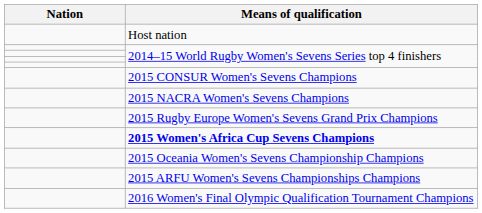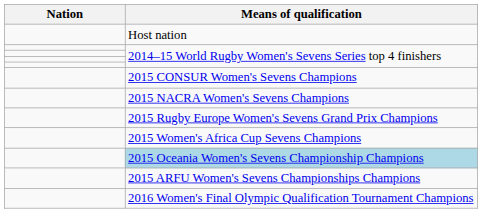 <table class="wikitable" style="width:600px;">
 <tr>
 <th style="width:12%;">Nation</th>
 <th style="width:35%;">Means of qualification</th>
 </tr>
 <tr>
 <td></td>
 <td>Host nation</td>
 </tr>
 <tr>
 <td></td>
 <td rowspan=4><a href='#'>2014–15 World Rugby Women's Sevens Series</a> top 4 finishers</td>
 </tr>
 <tr>
 <td></td>
 </tr>
 <tr>
 <td></td>
 </tr>
 <tr>
 <td></td>
 </tr>
 <tr>
 <td></td>
 <td><a href='#'>2015 CONSUR Women's Sevens Champions</a></td>
 </tr>
 <tr>
 <td></td>
 <td><a href='#'>2015 NACRA Women's Sevens Champions</a></td>
 </tr>
 <tr>
 <td></td>
 <td><a href='#'>2015 Rugby Europe Women's Sevens Grand Prix Champions</a></td>
 </tr>
 <tr>
 <td></td>
-<td><strong><a href='#'>2015 Women's Africa Cup Sevens Champions</a></strong></td>
+<td><a href='#'>2015 Women's Africa Cup Sevens Champions</a></td>
 </tr>
 <tr>
 <td></td>
-<td><a href='#'>2015 Oceania Women's Sevens Championship Champions</a></td>
+<td style="background: lightblue;"><a href='#'>2015 Oceania Women's Sevens Championship Champions</a></td>
 </tr>
 <tr>
 <td></td>
 <td><a href='#'>2015 ARFU Women's Sevens Championships Champions</a></td>
 </tr>
 <tr>
 <td></td>
 <td><a href='#'>2016 Women's Final Olympic Qualification Tournament Champions</a></td>
 </tr>
 </table>
